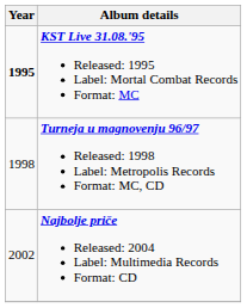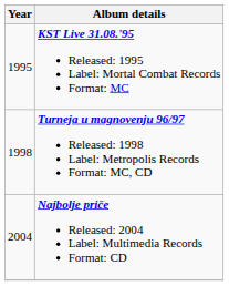 <table class ="wikitable">
 <tr>
 <th>Year</th>
 <th>Album details</th>
 </tr>
 <tr>
-<td align="center" rowspan="1"><strong>1995</strong></td>
+<td align="center" rowspan="1">1995</td>
 <td><strong><em><a href='#'>KST Live 31.08.'95</a></em></strong><br><ul><li>Released: 1995</li><li>Label: Mortal Combat Records</li><li>Format: <a href='#'>MC</a></li></ul></td>
 </tr>
 <tr>
 <td align="center" rowspan="1">1998</td>
 <td><strong><em><a href='#'>Turneja u magnovenju 96/97</a></em></strong><br><ul><li>Released: 1998</li><li>Label: Metropolis Records</li><li>Format: MC, CD</li></ul></td>
 </tr>
 <tr>
-<td align="center" rowspan="1">2002</td>
+<td align="center" rowspan="1">2004</td>
 <td><strong><em><a href='#'>Najbolje priče</a></em></strong><br><ul><li>Released: 2004</li><li>Label: Multimedia Records</li><li>Format: CD</li></ul></td>
 </tr>
 <tr>
 </tr>
 </table>
